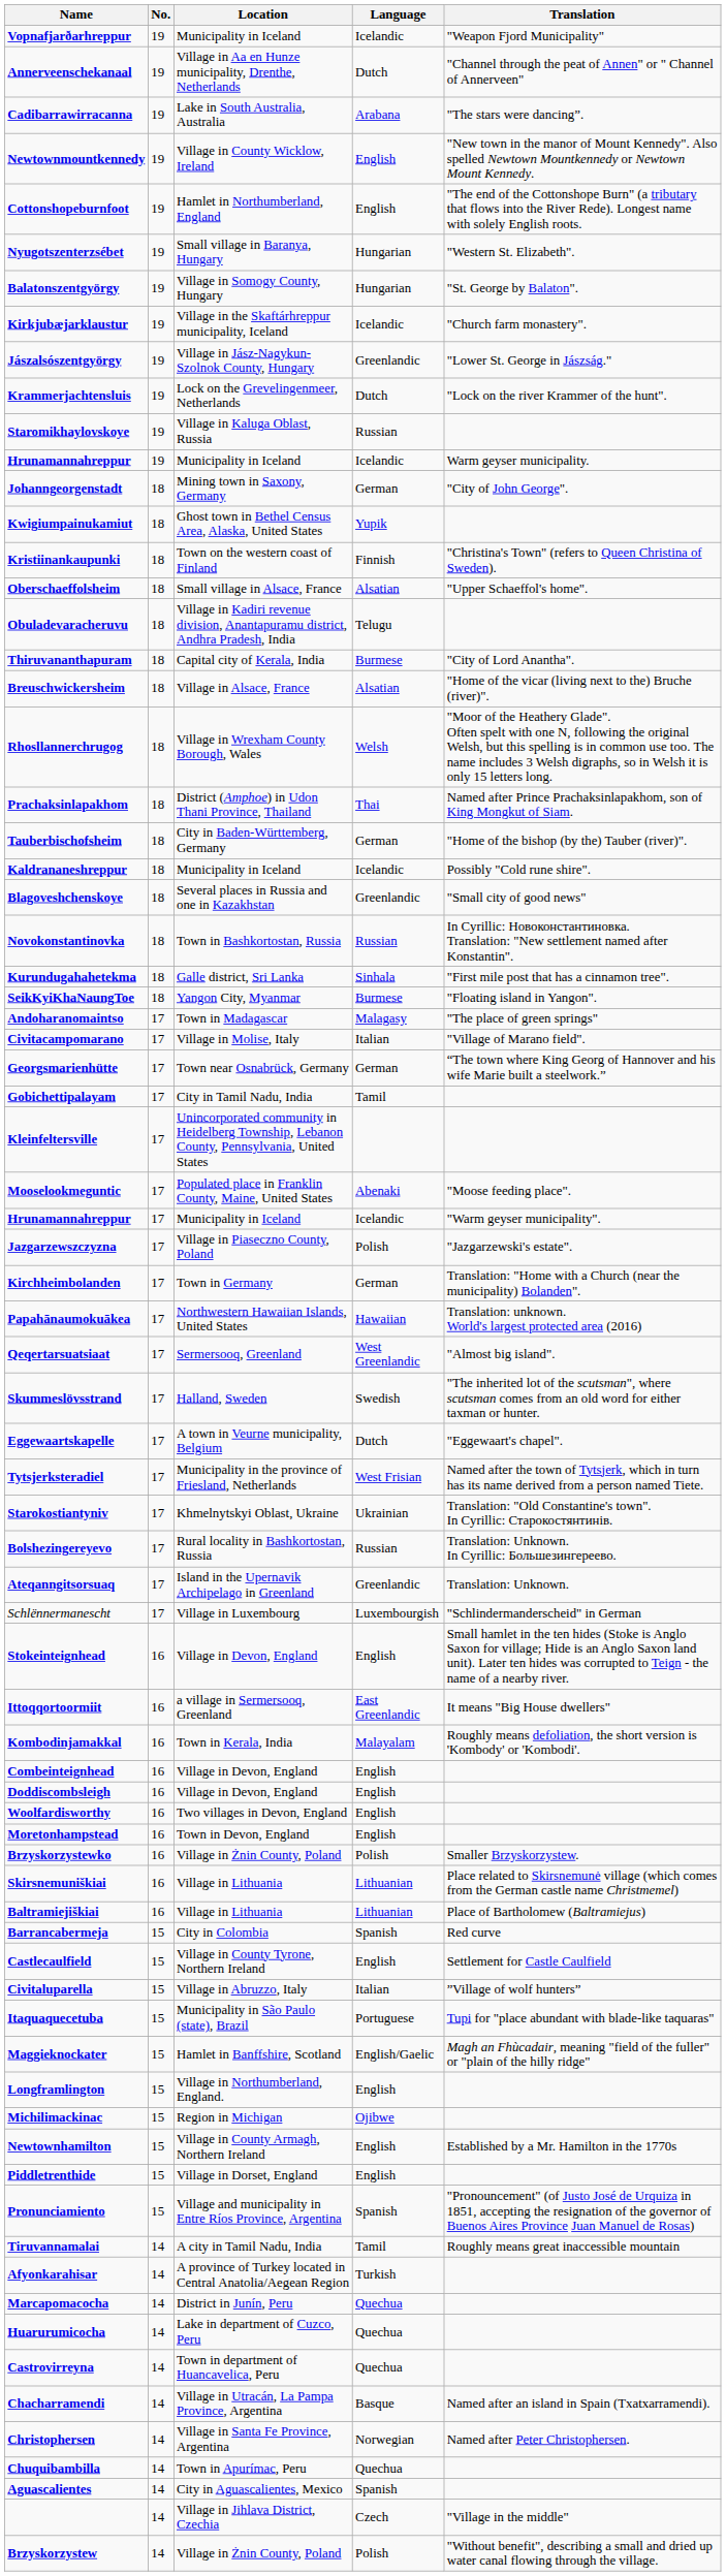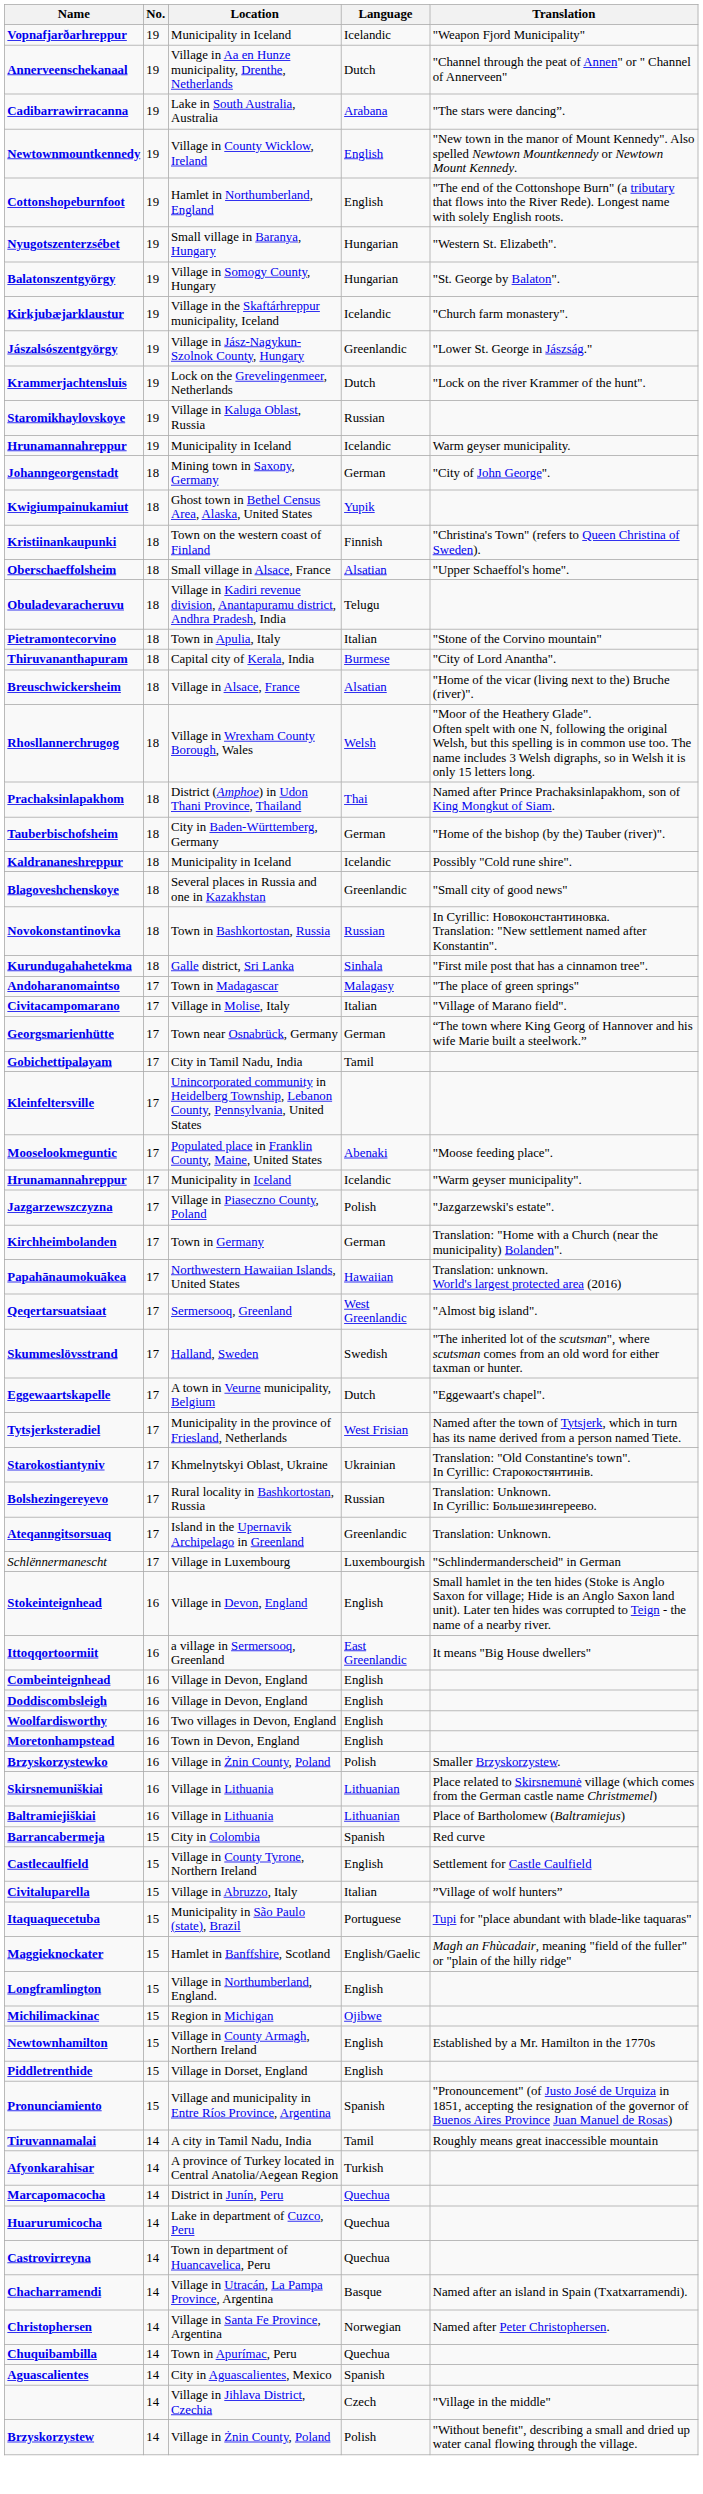 <table class="wikitable">
 <tr>
 <th>Name</th>
 <th>No.</th>
 <th>Location</th>
 <th>Language</th>
 <th>Translation</th>
 </tr>
 <tr>
 <td><strong><a href='#'>Vopnafjarðarhreppur</a></strong></td>
 <td>19</td>
 <td>Municipality in Iceland</td>
 <td>Icelandic</td>
 <td>"Weapon Fjord Municipality"</td>
 </tr>
 <tr>
 <td><strong><a href='#'>Annerveenschekanaal</a></strong></td>
 <td>19</td>
 <td>Village in <a href='#'>Aa en Hunze</a> municipality, <a href='#'>Drenthe</a>, <a href='#'>Netherlands</a></td>
 <td>Dutch</td>
 <td>"Channel through the peat of <a href='#'>Annen</a>" or " Channel of Annerveen"</td>
 </tr>
 <tr>
 <td><strong><a href='#'>Cadibarrawirracanna</a></strong></td>
 <td>19</td>
 <td>Lake in <a href='#'>South Australia</a>, Australia</td>
 <td><a href='#'>Arabana</a></td>
 <td>"The stars were dancing”.</td>
 </tr>
 <tr>
 <td><strong><a href='#'>Newtownmountkennedy</a></strong></td>
 <td>19</td>
 <td>Village in <a href='#'>County Wicklow</a>, <a href='#'>Ireland</a></td>
 <td><a href='#'>English</a></td>
 <td>"New town in the manor of Mount Kennedy". Also spelled <em>Newtown Mountkennedy</em> or <em>Newtown Mount Kennedy</em>.</td>
 </tr>
 <tr>
 <td><strong><a href='#'>Cottonshopeburnfoot</a></strong></td>
 <td>19</td>
 <td>Hamlet in <a href='#'>Northumberland</a>, <a href='#'>England</a></td>
 <td>English</td>
 <td>"The end of the Cottonshope Burn" (a <a href='#'>tributary</a> that flows into the River Rede). Longest name with solely English roots.</td>
 </tr>
 <tr>
 <td><strong><a href='#'>Nyugotszenterzsébet</a></strong></td>
 <td>19</td>
 <td>Small village in <a href='#'>Baranya</a>, <a href='#'>Hungary</a></td>
 <td>Hungarian</td>
 <td>"Western St. Elizabeth".</td>
 </tr>
 <tr>
 <td><strong><a href='#'>Balatonszentgyörgy</a></strong></td>
 <td>19</td>
 <td>Village in <a href='#'>Somogy County</a>, Hungary</td>
 <td>Hungarian</td>
 <td>"St. George by <a href='#'>Balaton</a>".</td>
 </tr>
 <tr>
 <td><strong><a href='#'>Kirkjubæjarklaustur</a></strong></td>
 <td>19</td>
 <td>Village in the <a href='#'>Skaftárhreppur</a> municipality, Iceland</td>
 <td>Icelandic</td>
 <td>"Church farm monastery".</td>
 </tr>
 <tr>
 <td><strong><a href='#'>Jászalsószentgyörgy</a></strong></td>
 <td>19</td>
 <td>Village in <a href='#'>Jász-Nagykun-Szolnok County</a>, <a href='#'>Hungary</a></td>
 <td>Greenlandic</td>
 <td>"Lower St. George in <a href='#'>Jászság</a>."</td>
 </tr>
 <tr>
 <td><strong><a href='#'>Krammerjachtensluis</a></strong></td>
 <td>19</td>
 <td>Lock on the <a href='#'>Grevelingenmeer</a>, Netherlands</td>
 <td>Dutch</td>
 <td>"Lock on the river Krammer of the hunt".</td>
 </tr>
 <tr>
 <td><strong><a href='#'>Staromikhaylovskoye</a></strong></td>
 <td>19</td>
 <td>Village in <a href='#'>Kaluga Oblast</a>, Russia</td>
 <td>Russian</td>
 <td></td>
 </tr>
 <tr>
 <td><strong><a href='#'>Hrunamannahreppur</a></strong></td>
 <td>19</td>
 <td>Municipality in Iceland</td>
 <td>Icelandic</td>
 <td>Warm geyser municipality.</td>
 </tr>
 <tr>
 <td><strong><a href='#'>Johanngeorgenstadt</a></strong></td>
 <td>18</td>
 <td>Mining town in <a href='#'>Saxony</a>, <a href='#'>Germany</a></td>
 <td>German</td>
 <td>"City of <a href='#'>John George</a>".</td>
 </tr>
 <tr>
 <td><strong><a href='#'>Kwigiumpainukamiut</a></strong></td>
 <td>18</td>
 <td>Ghost town in <a href='#'>Bethel Census Area</a>, <a href='#'>Alaska</a>, United States</td>
 <td><a href='#'>Yupik</a></td>
 <td></td>
 </tr>
 <tr>
 <td><strong><a href='#'>Kristiinankaupunki</a></strong></td>
 <td>18</td>
 <td>Town on the western coast of <a href='#'>Finland</a></td>
 <td>Finnish</td>
 <td>"Christina's Town" (refers to <a href='#'>Queen Christina of Sweden</a>).</td>
 </tr>
 <tr>
 <td><strong><a href='#'>Oberschaeffolsheim</a></strong></td>
 <td>18</td>
 <td>Small village in <a href='#'>Alsace</a>, France</td>
 <td><a href='#'>Alsatian</a></td>
 <td>"Upper Schaeffol's home".</td>
 </tr>
 <tr>
 <td><strong><a href='#'>Obuladevaracheruvu</a></strong></td>
 <td>18</td>
 <td>Village in <a href='#'>Kadiri revenue division</a>, <a href='#'>Anantapuramu district</a>, <a href='#'>Andhra Pradesh</a>, India</td>
 <td>Telugu</td>
 <td></td>
 </tr>
 <tr>
+<td><strong><a href='#'>Pietramontecorvino</a></strong></td>
+<td>18</td>
+<td>Town in <a href='#'>Apulia</a>, Italy</td>
+<td>Italian</td>
+<td>"Stone of the Corvino mountain"</td>
+</tr>
+<tr>
 <td><strong><a href='#'>Thiruvananthapuram</a></strong></td>
 <td>18</td>
 <td>Capital city of <a href='#'>Kerala</a>, India</td>
 <td><a href='#'>Burmese</a></td>
 <td>"City of Lord Anantha".</td>
 </tr>
 <tr>
 <td><strong><a href='#'>Breuschwickersheim</a></strong></td>
 <td>18</td>
 <td>Village in <a href='#'>Alsace</a>, <a href='#'>France</a></td>
 <td><a href='#'>Alsatian</a></td>
 <td>"Home of the vicar (living next to the) Bruche (river)".</td>
 </tr>
 <tr>
 <td><strong><a href='#'>Rhosllannerchrugog</a></strong></td>
 <td>18</td>
 <td>Village in <a href='#'>Wrexham County Borough</a>, Wales</td>
 <td><a href='#'>Welsh</a></td>
 <td>"Moor of the Heathery Glade".<br>Often spelt with one N, following the original Welsh, but this spelling is in common use too. The name includes 3 Welsh digraphs, so in Welsh it is only 15 letters long.</td>
 </tr>
 <tr>
 <td><strong><a href='#'>Prachaksinlapakhom</a></strong></td>
 <td>18</td>
 <td>District (<em><a href='#'>Amphoe</a></em>) in <a href='#'>Udon Thani Province</a>, <a href='#'>Thailand</a></td>
 <td><a href='#'>Thai</a></td>
 <td>Named after Prince Prachaksinlapakhom, son of <a href='#'>King Mongkut of Siam</a>.</td>
 </tr>
 <tr>
 <td><strong><a href='#'>Tauberbischofsheim</a></strong></td>
 <td>18</td>
 <td>City in <a href='#'>Baden-Württemberg</a>, Germany</td>
 <td>German</td>
 <td>"Home of the bishop (by the) Tauber (river)".</td>
 </tr>
 <tr>
 <td><strong><a href='#'>Kaldrananeshreppur</a></strong></td>
 <td>18</td>
 <td>Municipality in Iceland</td>
 <td>Icelandic</td>
 <td>Possibly "Cold rune shire".</td>
 </tr>
 <tr>
 <td><strong><a href='#'>Blagoveshchenskoye</a></strong></td>
 <td>18</td>
 <td>Several places in Russia and one in <a href='#'>Kazakhstan</a></td>
 <td>Greenlandic</td>
 <td>"Small city of good news"</td>
 </tr>
 <tr>
 <td><strong><a href='#'>Novokonstantinovka</a></strong></td>
 <td>18</td>
 <td>Town in <a href='#'>Bashkortostan</a>, <a href='#'>Russia</a></td>
 <td><a href='#'>Russian</a></td>
 <td>In Cyrillic: Новоконстантиновка.<br>Translation: "New settlement named after Konstantin".</td>
 </tr>
 <tr>
 <td><strong><a href='#'>Kurundugahahetekma</a></strong></td>
 <td>18</td>
 <td><a href='#'>Galle</a> district, <a href='#'>Sri Lanka</a></td>
 <td><a href='#'>Sinhala</a></td>
 <td>"First mile post that has a cinnamon tree".</td>
-</tr>
-<tr>
-<td><strong><a href='#'>SeikKyiKhaNaungToe</a></strong></td>
-<td>18</td>
-<td><a href='#'>Yangon</a> City, <a href='#'>Myanmar</a></td>
-<td><a href='#'>Burmese</a></td>
-<td>"Floating island in Yangon".</td>
 </tr>
 <tr>
 <td><strong><a href='#'>Andoharanomaintso</a></strong></td>
 <td>17</td>
 <td>Town in <a href='#'>Madagascar</a></td>
 <td><a href='#'>Malagasy</a></td>
 <td>"The place of green springs"</td>
 </tr>
 <tr>
 <td><strong><a href='#'>Civitacampomarano</a></strong></td>
 <td>17</td>
 <td>Village in <a href='#'>Molise</a>, Italy</td>
 <td>Italian</td>
 <td>"Village of Marano field".</td>
 </tr>
 <tr>
 <td><strong><a href='#'>Georgsmarienhütte</a></strong></td>
 <td>17</td>
 <td>Town near <a href='#'>Osnabrück</a>, Germany</td>
 <td>German</td>
 <td>“The town where King Georg of Hannover and his wife Marie built a steelwork.”</td>
 </tr>
 <tr>
 <td><strong><a href='#'>Gobichettipalayam</a></strong></td>
 <td>17</td>
 <td>City in Tamil Nadu, India</td>
 <td>Tamil</td>
 <td></td>
 </tr>
 <tr>
 <td><strong><a href='#'>Kleinfeltersville</a></strong></td>
 <td>17</td>
 <td><a href='#'>Unincorporated community</a> in <a href='#'>Heidelberg Township</a>, <a href='#'>Lebanon County</a>, <a href='#'>Pennsylvania</a>, United States</td>
 <td></td>
 <td></td>
 </tr>
 <tr>
 <td><strong><a href='#'>Mooselookmeguntic</a></strong></td>
 <td>17</td>
 <td><a href='#'>Populated place</a> in <a href='#'>Franklin County</a>, <a href='#'>Maine</a>, United States</td>
 <td><a href='#'>Abenaki</a></td>
 <td>"Moose feeding place".</td>
 </tr>
 <tr>
 <td><strong><a href='#'>Hrunamannahreppur</a></strong></td>
 <td>17</td>
 <td>Municipality in <a href='#'>Iceland</a></td>
 <td>Icelandic</td>
 <td>"Warm geyser municipality".</td>
 </tr>
 <tr>
 <td><strong><a href='#'>Jazgarzewszczyzna</a></strong></td>
 <td>17</td>
 <td>Village in <a href='#'>Piaseczno County</a>, <a href='#'>Poland</a></td>
 <td>Polish</td>
 <td>"Jazgarzewski's estate".</td>
 </tr>
 <tr>
 <td><strong><a href='#'>Kirchheimbolanden</a></strong></td>
 <td>17</td>
 <td>Town in <a href='#'>Germany</a></td>
 <td>German</td>
 <td>Translation: "Home with a Church (near the municipality) <a href='#'>Bolanden</a>".</td>
 </tr>
 <tr>
 <td><strong><a href='#'>Papahānaumokuākea</a></strong></td>
 <td>17</td>
 <td><a href='#'>Northwestern Hawaiian Islands</a>, United States</td>
 <td><a href='#'>Hawaiian</a></td>
 <td>Translation: unknown.<br><a href='#'>World's largest protected area</a> (2016)</td>
 </tr>
 <tr>
 <td><strong><a href='#'>Qeqertarsuatsiaat</a></strong></td>
 <td>17</td>
 <td><a href='#'>Sermersooq</a>, <a href='#'>Greenland</a></td>
 <td><a href='#'>West Greenlandic</a></td>
 <td>"Almost big island".</td>
 </tr>
 <tr>
 <td><strong><a href='#'>Skummeslövsstrand</a></strong></td>
 <td>17</td>
 <td><a href='#'>Halland</a>, <a href='#'>Sweden</a></td>
 <td>Swedish</td>
 <td>"The inherited lot of the <em>scutsman</em>", where <em>scutsman</em> comes from an old word for either taxman or hunter.</td>
 </tr>
 <tr>
 <td><strong><a href='#'>Eggewaartskapelle</a></strong></td>
 <td>17</td>
 <td>A town in <a href='#'>Veurne</a> municipality, <a href='#'>Belgium</a></td>
 <td>Dutch</td>
 <td>"Eggewaart's chapel".</td>
 </tr>
 <tr>
 <td><strong><a href='#'>Tytsjerksteradiel</a></strong></td>
 <td>17</td>
 <td>Municipality in the province of <a href='#'>Friesland</a>, Netherlands</td>
 <td><a href='#'>West Frisian</a></td>
 <td>Named after the town of <a href='#'>Tytsjerk</a>, which in turn has its name derived from a person named Tiete.</td>
 </tr>
 <tr>
 <td><strong><a href='#'>Starokostiantyniv</a></strong></td>
 <td>17</td>
 <td>Khmelnytskyi Oblast, Ukraine</td>
 <td>Ukrainian</td>
 <td>Translation: "Old Constantine's town".<br>In Cyrillic: Старокостянтинів.</td>
 </tr>
 <tr>
 <td><strong><a href='#'>Bolshezingereyevo</a></strong></td>
 <td>17</td>
 <td>Rural locality in <a href='#'>Bashkortostan</a>, Russia</td>
 <td>Russian</td>
 <td>Translation: Unknown.<br>In Cyrillic: Большезингереево.</td>
 </tr>
 <tr>
 <td><strong><a href='#'>Ateqanngitsorsuaq</a></strong></td>
 <td>17</td>
 <td>Island in the <a href='#'>Upernavik Archipelago</a> in <a href='#'>Greenland</a></td>
 <td>Greenlandic</td>
 <td>Translation: Unknown.</td>
 </tr>
 <tr>
 <td><em>Schlënnermanescht</em></td>
 <td>17</td>
 <td>Village in Luxembourg</td>
 <td>Luxembourgish</td>
 <td>"Schlindermanderscheid" in German</td>
 </tr>
 <tr>
 <td><strong><a href='#'>Stokeinteignhead</a></strong></td>
 <td>16</td>
 <td>Village in <a href='#'>Devon</a>, <a href='#'>England</a></td>
 <td>English</td>
 <td>Small hamlet in the ten hides (Stoke is Anglo Saxon for village; Hide is an Anglo Saxon land unit). Later ten hides was corrupted to <a href='#'>Teign</a> - the name of a nearby river.</td>
 </tr>
 <tr>
 <td><strong><a href='#'>Ittoqqortoormiit</a></strong></td>
 <td>16</td>
 <td>a village in <a href='#'>Sermersooq</a>, Greenland</td>
 <td><a href='#'>East Greenlandic</a></td>
 <td>It means "Big House dwellers"</td>
-</tr>
-<tr>
-<td><strong><a href='#'>Kombodinjamakkal</a></strong></td>
-<td>16</td>
-<td>Town in <a href='#'>Kerala</a>, India</td>
-<td><a href='#'>Malayalam</a></td>
-<td>Roughly means <a href='#'>defoliation</a>, the short version is 'Kombody' or 'Kombodi'.</td>
 </tr>
 <tr>
 <td><strong><a href='#'>Combeinteignhead</a></strong></td>
 <td>16</td>
 <td>Village in Devon, England</td>
 <td>English</td>
 <td></td>
 </tr>
 <tr>
 <td><strong><a href='#'>Doddiscombsleigh</a></strong></td>
 <td>16</td>
 <td>Village in Devon, England</td>
 <td>English</td>
 <td></td>
 </tr>
 <tr>
 <td><strong><a href='#'>Woolfardisworthy</a></strong></td>
 <td>16</td>
 <td>Two villages in Devon, England</td>
 <td>English</td>
 <td></td>
 </tr>
 <tr>
 <td><strong><a href='#'>Moretonhampstead</a></strong></td>
 <td>16</td>
 <td>Town in Devon, England</td>
 <td>English</td>
 <td></td>
 </tr>
 <tr>
 <td><strong><a href='#'>Brzyskorzystewko</a></strong></td>
 <td>16</td>
 <td>Village in <a href='#'>Żnin County</a>, <a href='#'>Poland</a></td>
 <td>Polish</td>
 <td>Smaller <a href='#'>Brzyskorzystew</a>.</td>
 </tr>
 <tr>
 <td><strong><a href='#'>Skirsnemuniškiai</a></strong></td>
 <td>16</td>
 <td>Village in <a href='#'>Lithuania</a></td>
 <td><a href='#'>Lithuanian</a></td>
 <td>Place related to <a href='#'>Skirsnemunė</a> village (which comes from the German castle name <em>Christmemel</em>)</td>
 </tr>
 <tr>
 <td><strong><a href='#'>Baltramiejiškiai</a></strong></td>
 <td>16</td>
 <td>Village in <a href='#'>Lithuania</a></td>
 <td><a href='#'>Lithuanian</a></td>
 <td>Place of Bartholomew (<em>Baltramiejus</em>)</td>
 </tr>
 <tr>
 <td><strong><a href='#'>Barrancabermeja</a></strong></td>
 <td>15</td>
 <td>City in <a href='#'>Colombia</a></td>
 <td>Spanish</td>
 <td>Red curve</td>
 </tr>
 <tr>
 <td><strong><a href='#'>Castlecaulfield</a></strong></td>
 <td>15</td>
 <td>Village in <a href='#'>County Tyrone</a>, Northern Ireland</td>
 <td>English</td>
 <td>Settlement for <a href='#'>Castle Caulfield</a></td>
 </tr>
 <tr>
 <td><strong><a href='#'>Civitaluparella</a></strong></td>
 <td>15</td>
 <td>Village in <a href='#'>Abruzzo</a>, Italy</td>
 <td>Italian</td>
 <td>”Village of wolf hunters”</td>
 </tr>
 <tr>
 <td><strong><a href='#'>Itaquaquecetuba</a></strong></td>
 <td>15</td>
 <td>Municipality in <a href='#'>São Paulo (state)</a>, <a href='#'>Brazil</a></td>
 <td>Portuguese</td>
 <td><a href='#'>Tupi</a> for "place abundant with blade-like taquaras"</td>
 </tr>
 <tr>
 <td><strong><a href='#'>Maggieknockater</a></strong></td>
 <td>15</td>
 <td>Hamlet in <a href='#'>Banffshire</a>, Scotland</td>
 <td>English/Gaelic</td>
 <td><em>Magh an Fhùcadair</em>, meaning "field of the fuller" or "plain of the hilly ridge"</td>
 </tr>
 <tr>
 <td><strong><a href='#'>Longframlington</a></strong></td>
 <td>15</td>
 <td>Village in <a href='#'>Northumberland</a>, England.</td>
 <td>English</td>
 </tr>
 <tr>
 <td><strong><a href='#'>Michilimackinac</a></strong></td>
 <td>15</td>
 <td>Region in <a href='#'>Michigan</a></td>
 <td><a href='#'>Ojibwe</a></td>
 <td></td>
 </tr>
 <tr>
 <td><strong><a href='#'>Newtownhamilton</a></strong></td>
 <td>15</td>
 <td>Village in <a href='#'>County Armagh</a>, Northern Ireland</td>
 <td>English</td>
 <td>Established by a Mr. Hamilton in the 1770s</td>
 </tr>
 <tr>
 <td><strong><a href='#'>Piddletrenthide</a></strong></td>
 <td>15</td>
 <td>Village in Dorset, England</td>
 <td>English</td>
 <td></td>
 </tr>
 <tr>
 <td><strong><a href='#'>Pronunciamiento</a></strong></td>
 <td>15</td>
 <td>Village and municipality in <a href='#'>Entre Ríos Province</a>, <a href='#'>Argentina</a></td>
 <td>Spanish</td>
 <td>"Pronouncement" (of <a href='#'>Justo José de Urquiza</a> in 1851, accepting the resignation of the governor of <a href='#'>Buenos Aires Province</a> <a href='#'>Juan Manuel de Rosas</a>)</td>
 </tr>
 <tr>
 <td><strong><a href='#'>Tiruvannamalai</a></strong></td>
 <td>14</td>
 <td>A city in Tamil Nadu, India</td>
 <td>Tamil</td>
 <td>Roughly means great inaccessible mountain</td>
 </tr>
 <tr>
 <td><strong><a href='#'>Afyonkarahisar</a></strong></td>
 <td>14</td>
 <td>A province of Turkey located in Central Anatolia/Aegean Region</td>
 <td>Turkish</td>
 <td></td>
 </tr>
 <tr>
 <td><a href='#'><strong>Marcapomacocha</strong></a></td>
 <td>14</td>
 <td>District in <a href='#'>Junín</a>, <a href='#'>Peru</a></td>
 <td><a href='#'>Quechua</a></td>
 <td></td>
 </tr>
 <tr>
 <td><strong><a href='#'>Huarurumicocha</a></strong></td>
 <td>14</td>
 <td>Lake in department of <a href='#'>Cuzco</a>, <a href='#'>Peru</a></td>
 <td>Quechua</td>
 <td></td>
 </tr>
 <tr>
 <td><strong><a href='#'>Castrovirreyna</a></strong></td>
 <td>14</td>
 <td>Town in department of <a href='#'>Huancavelica</a>, Peru</td>
 <td>Quechua</td>
 <td></td>
 </tr>
 <tr>
 <td><strong><a href='#'>Chacharramendi</a></strong></td>
 <td>14</td>
 <td>Village in <a href='#'>Utracán</a>, <a href='#'>La Pampa Province</a>, Argentina</td>
 <td>Basque</td>
 <td>Named after an island in Spain (Txatxarramendi).</td>
 </tr>
 <tr>
 <td><strong><a href='#'>Christophersen</a></strong></td>
 <td>14</td>
 <td>Village in <a href='#'>Santa Fe Province</a>, Argentina</td>
 <td>Norwegian</td>
 <td>Named after <a href='#'>Peter Christophersen</a>.</td>
 </tr>
 <tr>
 <td><strong><a href='#'>Chuquibambilla</a></strong></td>
 <td>14</td>
 <td>Town in <a href='#'>Apurímac</a>, Peru</td>
 <td>Quechua</td>
 <td></td>
 </tr>
 <tr>
 <td><strong><a href='#'>Aguascalientes</a></strong></td>
 <td>14</td>
 <td>City in <a href='#'>Aguascalientes</a>, Mexico</td>
 <td>Spanish</td>
 <td></td>
 </tr>
 <tr>
 <td><strong></strong></td>
 <td>14</td>
 <td>Village in <a href='#'>Jihlava District</a>, <a href='#'>Czechia</a></td>
 <td>Czech</td>
 <td>"Village in the middle"</td>
 </tr>
 <tr>
 <td><strong><a href='#'>Brzyskorzystew</a></strong></td>
 <td>14</td>
 <td>Village in <a href='#'>Żnin County</a>, <a href='#'>Poland</a></td>
 <td>Polish</td>
 <td>"Without benefit", describing a small and dried up water canal flowing through the village.</td>
 </tr>
 </table>
